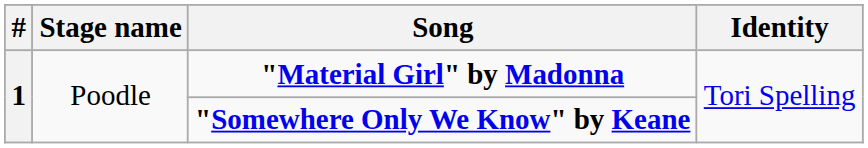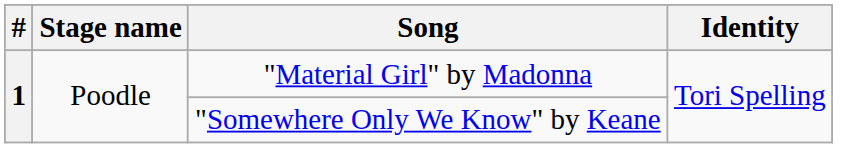 <table class="wikitable plainrowheaders" style="text-align: center;">
 <tr>
 <th>#</th>
 <th>Stage name</th>
 <th>Song</th>
 <th>Identity</th>
 </tr>
 <tr>
 <th rowspan="2">1</th>
 <td rowspan="2">Poodle</td>
-<td><strong>"<a href='#'>Material Girl</a>" by <a href='#'>Madonna</a></strong></td>
+<td>"<a href='#'>Material Girl</a>" by <a href='#'>Madonna</a></td>
 <td rowspan="2"><a href='#'>Tori Spelling</a></td>
 </tr>
 <tr>
-<td><strong>"<a href='#'>Somewhere Only We Know</a>" by <a href='#'>Keane</a></strong></td>
+<td>"<a href='#'>Somewhere Only We Know</a>" by <a href='#'>Keane</a></td>
 </tr>
 </table>
